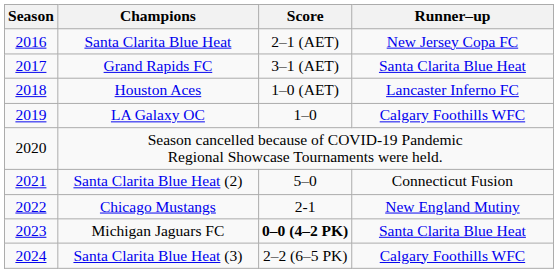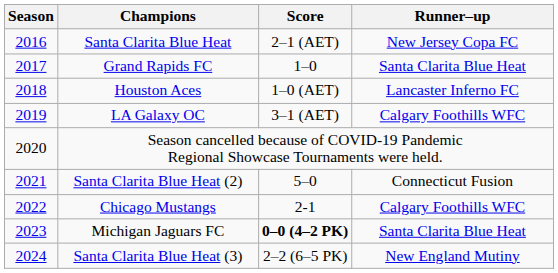 <table class="wikitable" style="text-align:center;">
 <tr>
 <th>Season</th>
 <th style="width:200px;">Champions</th>
 <th>Score</th>
 <th style="width:200px;">Runner–up</th>
 </tr>
 <tr>
 <td><a href='#'>2016</a></td>
 <td><a href='#'>Santa Clarita Blue Heat</a></td>
 <td style="text-align:center;">2–1 (AET)</td>
 <td><a href='#'>New Jersey Copa FC</a></td>
 </tr>
 <tr>
 <td><a href='#'>2017</a></td>
 <td><a href='#'>Grand Rapids FC</a></td>
-<td style="text-align:center;">3–1 (AET)</td>
+<td style="text-align:center;">1–0</td>
 <td><a href='#'>Santa Clarita Blue Heat</a></td>
 </tr>
 <tr>
 <td><a href='#'>2018</a></td>
 <td><a href='#'>Houston Aces</a></td>
 <td style="text-align:center;">1–0 (AET)</td>
 <td><a href='#'>Lancaster Inferno FC</a></td>
 </tr>
 <tr>
 <td><a href='#'>2019</a></td>
 <td><a href='#'>LA Galaxy OC</a></td>
-<td style="text-align:center;">1–0</td>
+<td style="text-align:center;">3–1 (AET)</td>
 <td><a href='#'>Calgary Foothills WFC</a></td>
 </tr>
 <tr>
 <td>2020</td>
 <td colspan=3 align=center>Season cancelled because of COVID-19 Pandemic<br>Regional Showcase Tournaments were held.</td>
 </tr>
 <tr>
 <td><a href='#'>2021</a></td>
 <td><a href='#'>Santa Clarita Blue Heat</a> (2)</td>
 <td style="text-align:center;">5–0</td>
 <td>Connecticut Fusion</td>
 </tr>
 <tr>
 <td><a href='#'>2022</a></td>
 <td><a href='#'>Chicago Mustangs</a></td>
 <td>2-1</td>
-<td><a href='#'>New England Mutiny</a></td>
+<td><a href='#'>Calgary Foothills WFC</a></td>
 </tr>
 <tr>
 <td><a href='#'>2023</a></td>
 <td>Michigan Jaguars FC</td>
 <td><strong>0–0 (4–2 PK)</strong></td>
 <td><a href='#'>Santa Clarita Blue Heat</a></td>
 </tr>
 <tr>
 <td><a href='#'>2024</a></td>
 <td><a href='#'>Santa Clarita Blue Heat</a> (3)</td>
 <td>2–2 (6–5 PK)</td>
-<td><a href='#'>Calgary Foothills WFC</a></td>
+<td><a href='#'>New England Mutiny</a></td>
 </tr>
 </table>
